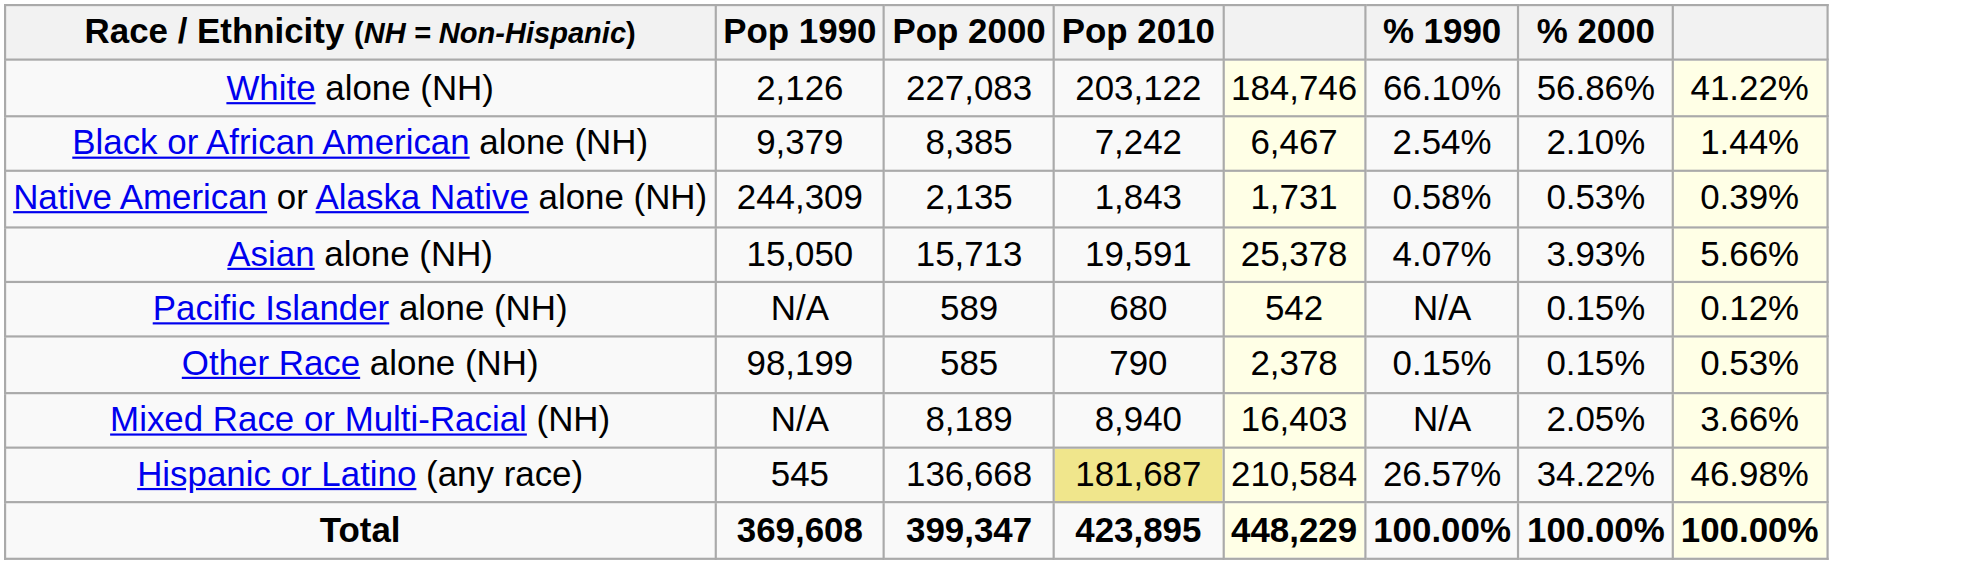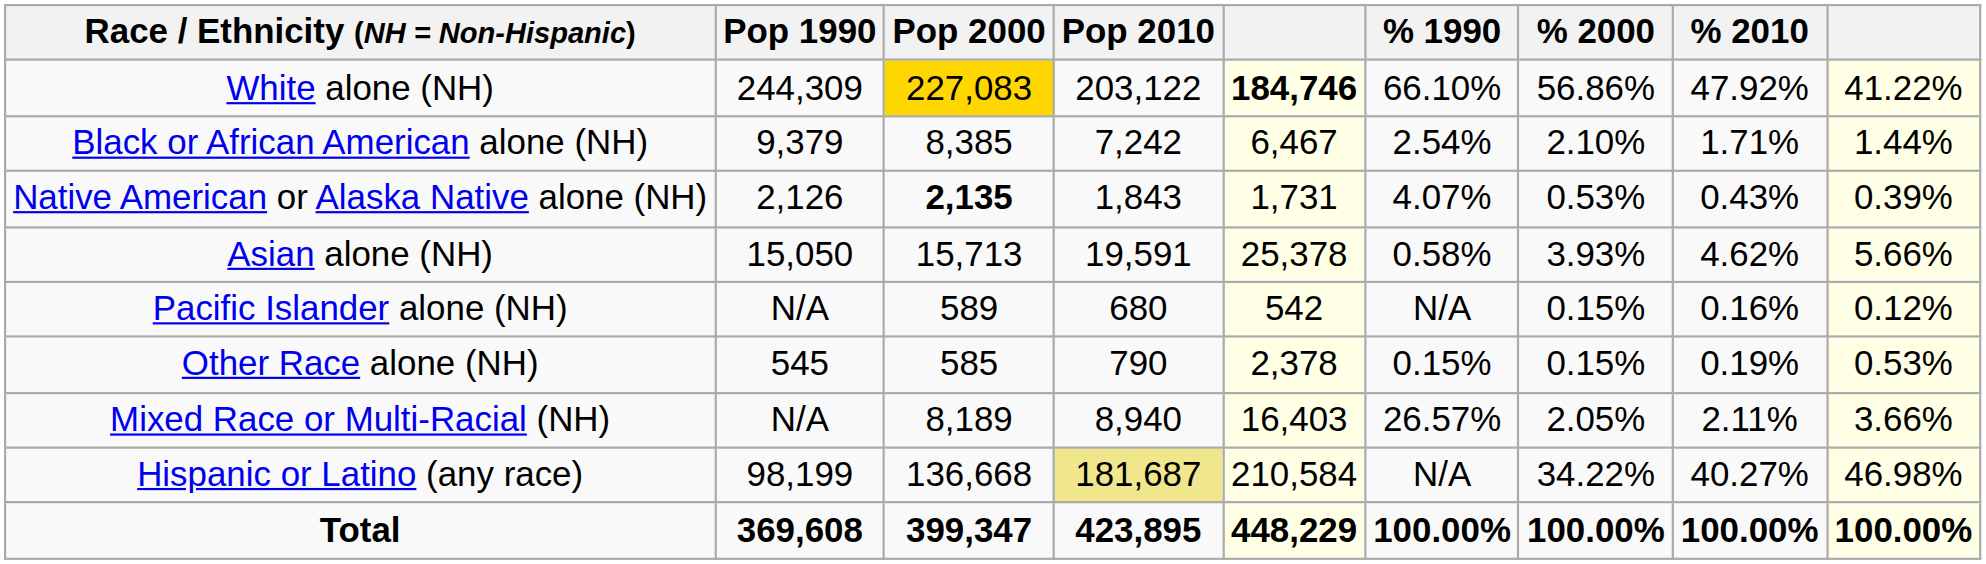 <table class="wikitable" style="text-align:center;">
 <tr>
 <th>Race / Ethnicity <small>(<em>NH = Non-Hispanic</em>)</small></th>
 <th>Pop 1990</th>
 <th>Pop 2000</th>
 <th>Pop 2010</th>
 <th></th>
 <th>% 1990</th>
 <th>% 2000</th>
+<th>% 2010</th>
 <th></th>
 </tr>
 <tr>
 <td><a href='#'>White</a> alone (NH)</td>
-<td>2,126</td>
-<td>227,083</td>
+<td>244,309</td>
+<td style="background: gold;">227,083</td>
 <td>203,122</td>
-<td style='background: #ffffe6;'>184,746</td>
+<td style='background: #ffffe6;'><strong>184,746</strong></td>
 <td>66.10%</td>
 <td>56.86%</td>
+<td>47.92%</td>
 <td style='background: #ffffe6;'>41.22%</td>
 </tr>
 <tr>
 <td><a href='#'>Black or African American</a> alone (NH)</td>
 <td>9,379</td>
 <td>8,385</td>
 <td>7,242</td>
 <td style='background: #ffffe6;'>6,467</td>
 <td>2.54%</td>
 <td>2.10%</td>
+<td>1.71%</td>
 <td style='background: #ffffe6;'>1.44%</td>
 </tr>
 <tr>
 <td><a href='#'>Native American</a> or <a href='#'>Alaska Native</a> alone (NH)</td>
-<td>244,309</td>
-<td>2,135</td>
+<td>2,126</td>
+<td><strong>2,135</strong></td>
 <td>1,843</td>
 <td style='background: #ffffe6;'>1,731</td>
-<td>0.58%</td>
+<td>4.07%</td>
 <td>0.53%</td>
+<td>0.43%</td>
 <td style='background: #ffffe6;'>0.39%</td>
 </tr>
 <tr>
 <td><a href='#'>Asian</a> alone (NH)</td>
 <td>15,050</td>
 <td>15,713</td>
 <td>19,591</td>
 <td style='background: #ffffe6;'>25,378</td>
-<td>4.07%</td>
+<td>0.58%</td>
 <td>3.93%</td>
+<td>4.62%</td>
 <td style='background: #ffffe6;'>5.66%</td>
 </tr>
 <tr>
 <td><a href='#'>Pacific Islander</a> alone (NH)</td>
 <td>N/A</td>
 <td>589</td>
 <td>680</td>
 <td style='background: #ffffe6;'>542</td>
 <td>N/A</td>
 <td>0.15%</td>
+<td>0.16%</td>
 <td style='background: #ffffe6;'>0.12%</td>
 </tr>
 <tr>
 <td><a href='#'>Other Race</a> alone (NH)</td>
-<td>98,199</td>
+<td>545</td>
 <td>585</td>
 <td>790</td>
 <td style='background: #ffffe6;'>2,378</td>
 <td>0.15%</td>
 <td>0.15%</td>
+<td>0.19%</td>
 <td style='background: #ffffe6;'>0.53%</td>
 </tr>
 <tr>
 <td><a href='#'>Mixed Race or Multi-Racial</a> (NH)</td>
 <td>N/A</td>
 <td>8,189</td>
 <td>8,940</td>
 <td style='background: #ffffe6;'>16,403</td>
-<td>N/A</td>
+<td>26.57%</td>
 <td>2.05%</td>
+<td>2.11%</td>
 <td style='background: #ffffe6;'>3.66%</td>
 </tr>
 <tr>
 <td><a href='#'>Hispanic or Latino</a> (any race)</td>
-<td>545</td>
+<td>98,199</td>
 <td>136,668</td>
 <td style="background: khaki;">181,687</td>
 <td style='background: #ffffe6;'>210,584</td>
-<td>26.57%</td>
+<td>N/A</td>
 <td>34.22%</td>
+<td>40.27%</td>
 <td style='background: #ffffe6;'>46.98%</td>
 </tr>
 <tr>
 <td><strong>Total</strong></td>
 <td><strong>369,608</strong></td>
 <td><strong>399,347</strong></td>
 <td><strong>423,895</strong></td>
 <td style='background: #ffffe6;'><strong>448,229</strong></td>
 <td><strong>100.00%</strong></td>
 <td><strong>100.00%</strong></td>
+<td><strong>100.00%</strong></td>
 <td style='background: #ffffe6;'><strong>100.00%</strong></td>
 </tr>
 </table>
